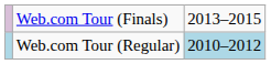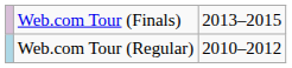 <table class="wikitable" style="font-size:95%">
 <tr>
 <td style="background:thistle"></td>
 <td><a href='#'>Web.com Tour</a> (Finals)</td>
 <td>2013–2015</td>
 </tr>
 <tr>
 <td style="background:lightblue"></td>
 <td>Web.com Tour (Regular)</td>
-<td style="background: lightblue;">2010–2012</td>
+<td>2010–2012</td>
 </tr>
 </table>
